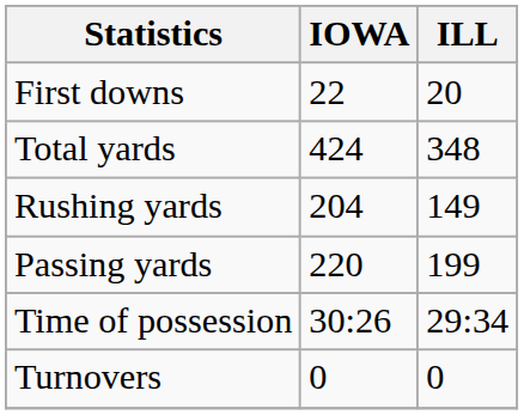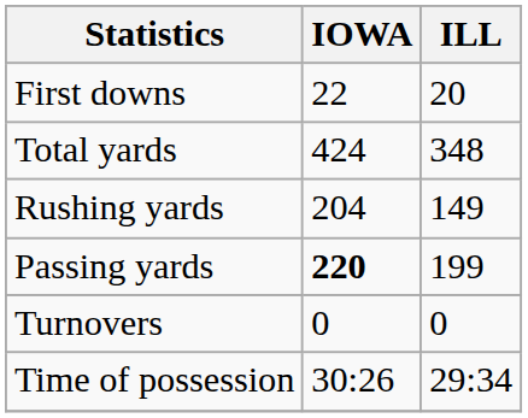 <table class="wikitable">
 <tr>
 <th>Statistics</th>
 <th>IOWA</th>
 <th>ILL</th>
 </tr>
 <tr>
 <td>First downs</td>
 <td>22</td>
 <td>20</td>
 </tr>
 <tr>
 <td>Total yards</td>
 <td>424</td>
 <td>348</td>
 </tr>
 <tr>
 <td>Rushing yards</td>
 <td>204</td>
 <td>149</td>
 </tr>
 <tr>
 <td>Passing yards</td>
-<td>220</td>
+<td><strong>220</strong></td>
 <td>199</td>
+</tr>
+<tr>
+<td>Turnovers</td>
+<td>0</td>
+<td>0</td>
 </tr>
 <tr>
 <td>Time of possession</td>
 <td>30:26</td>
 <td>29:34</td>
 </tr>
 <tr>
-<td>Turnovers</td>
-<td>0</td>
-<td>0</td>
-</tr>
-<tr>
 </tr>
 </table>
